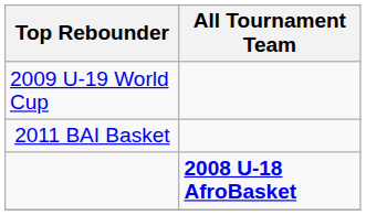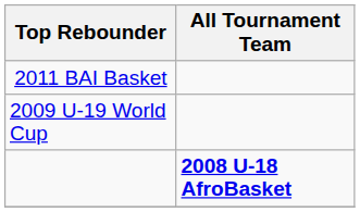 <table class="wikitable">
 <tr>
 <th width=125>Top Rebounder</th>
 <th width=130>All Tournament Team</th>
 </tr>
 <tr>
-<td><a href='#'>2009 U-19 World Cup</a></td>
+<td align=center><a href='#'>2011 BAI Basket</a></td>
 <td></td>
 </tr>
 <tr>
-<td align=center><a href='#'>2011 BAI Basket</a></td>
+<td><a href='#'>2009 U-19 World Cup</a></td>
 <td></td>
 </tr>
 <tr>
 <td></td>
 <td><strong><a href='#'>2008 U-18 AfroBasket</a></strong></td>
 </tr>
 <tr>
 </tr>
 </table>
